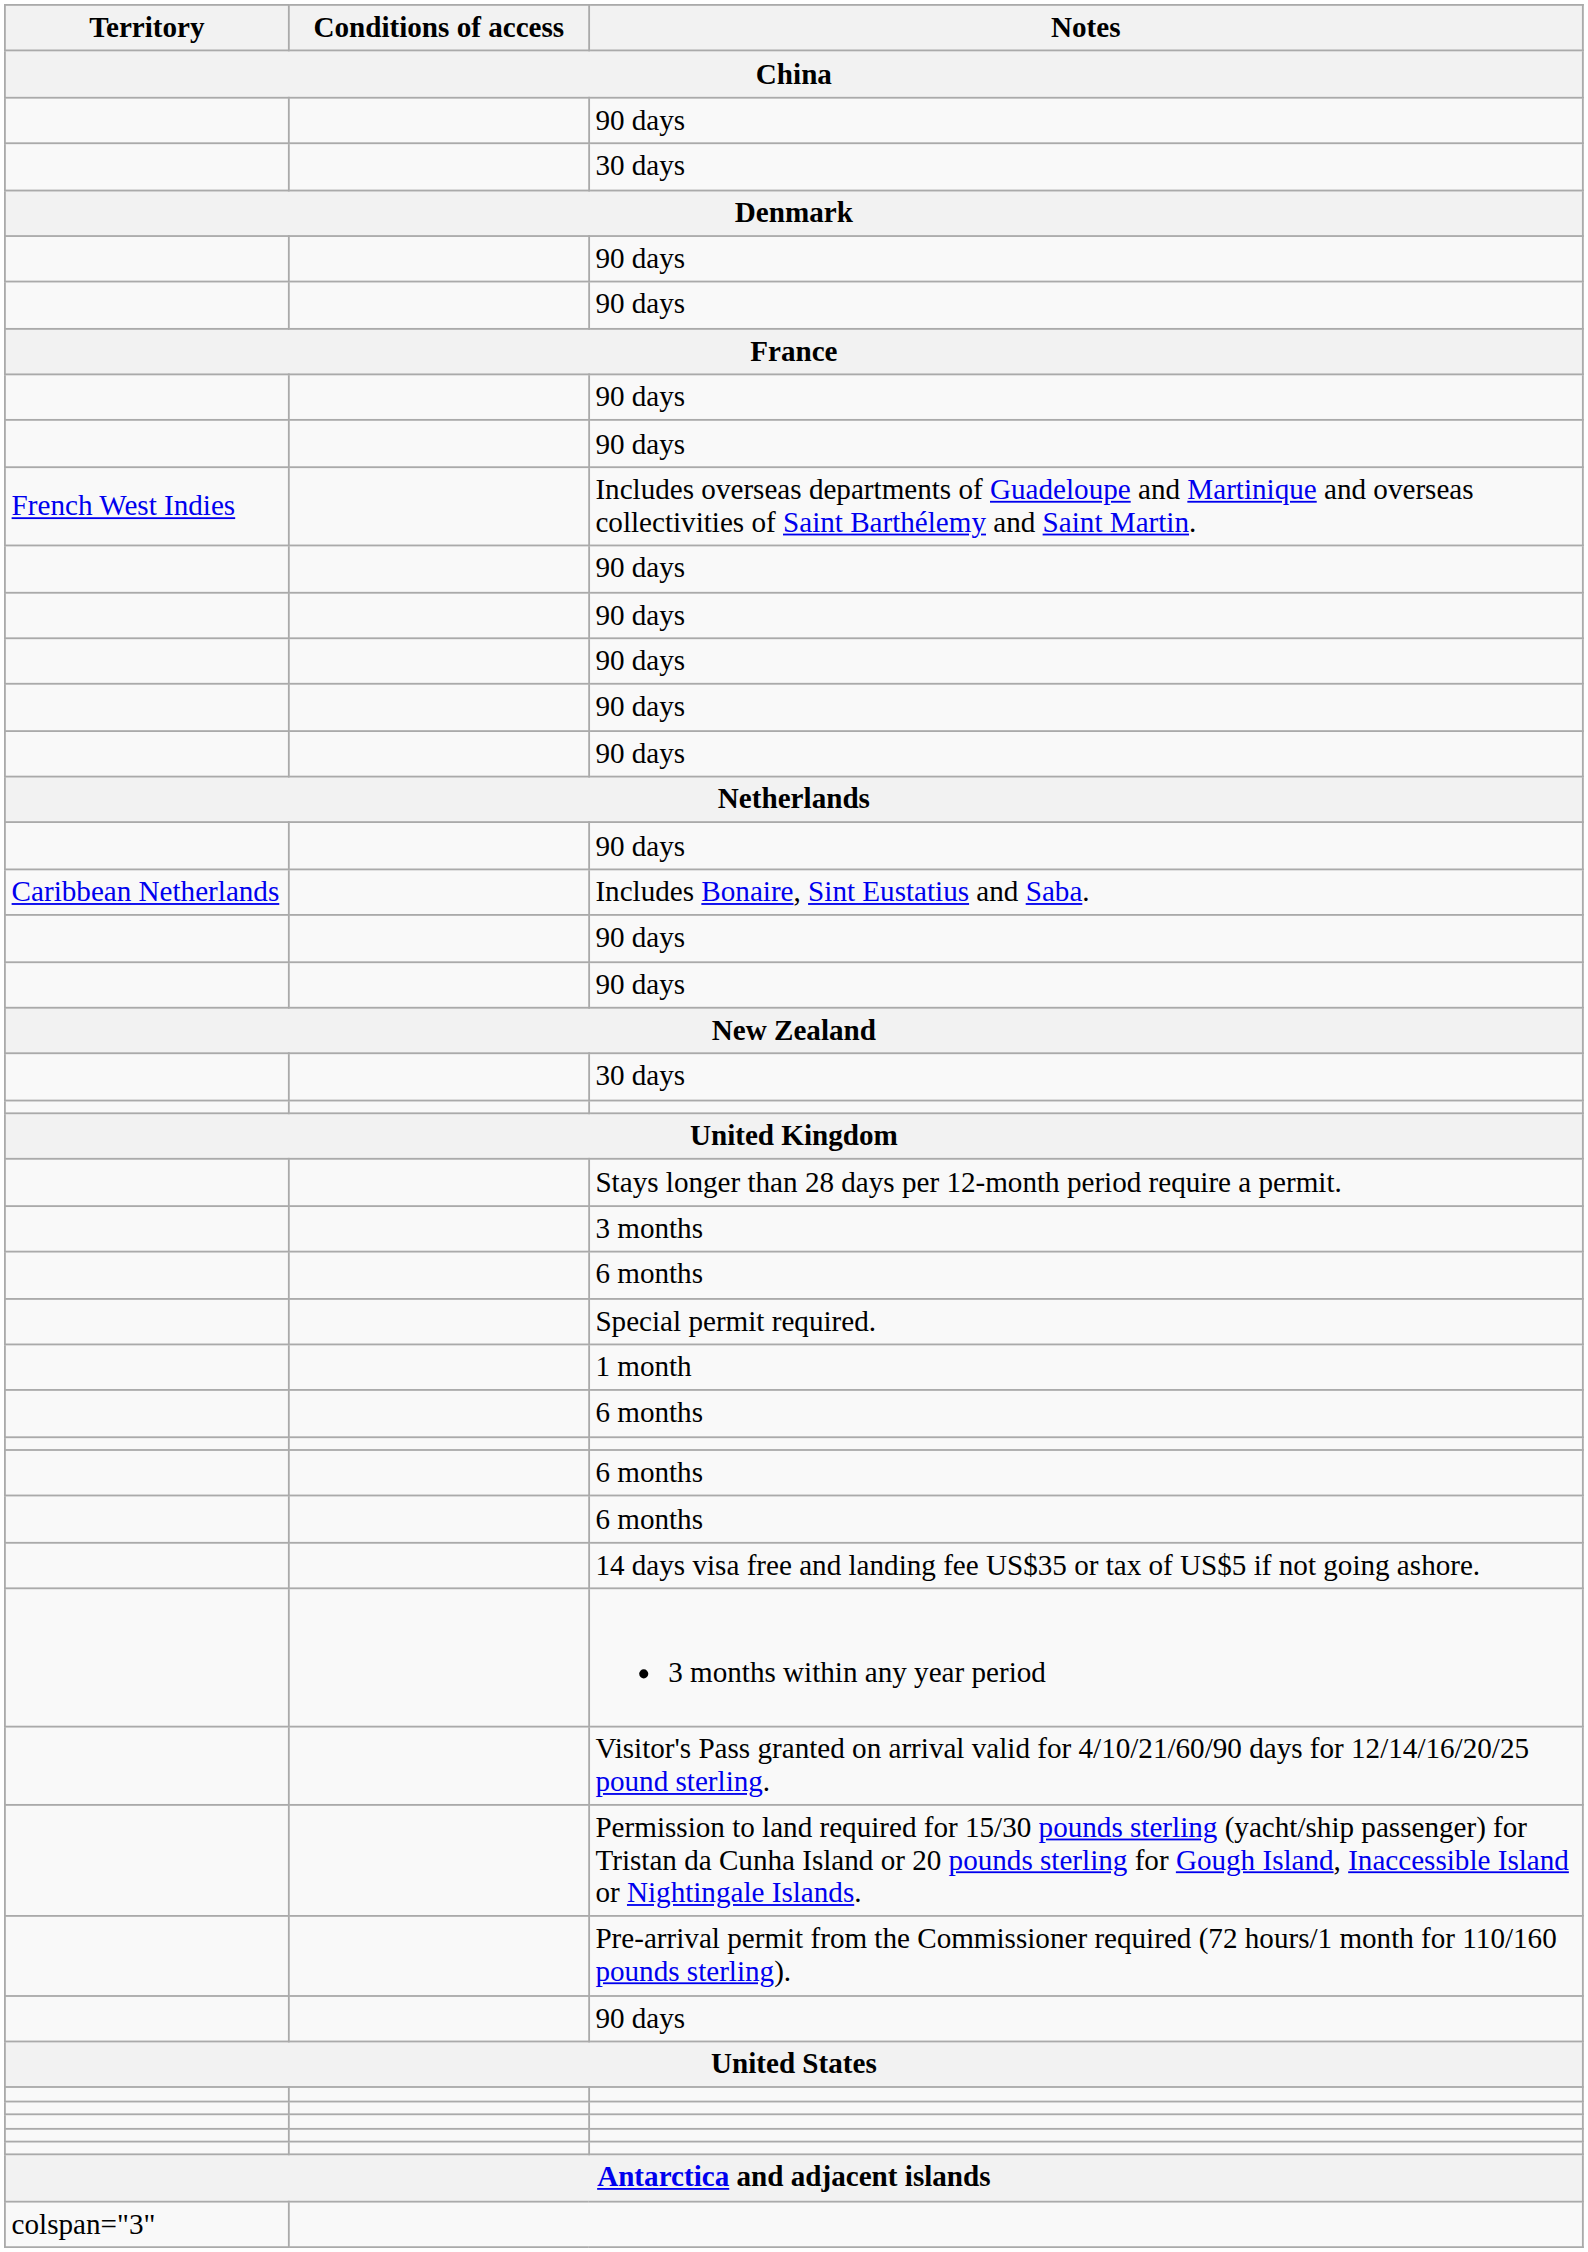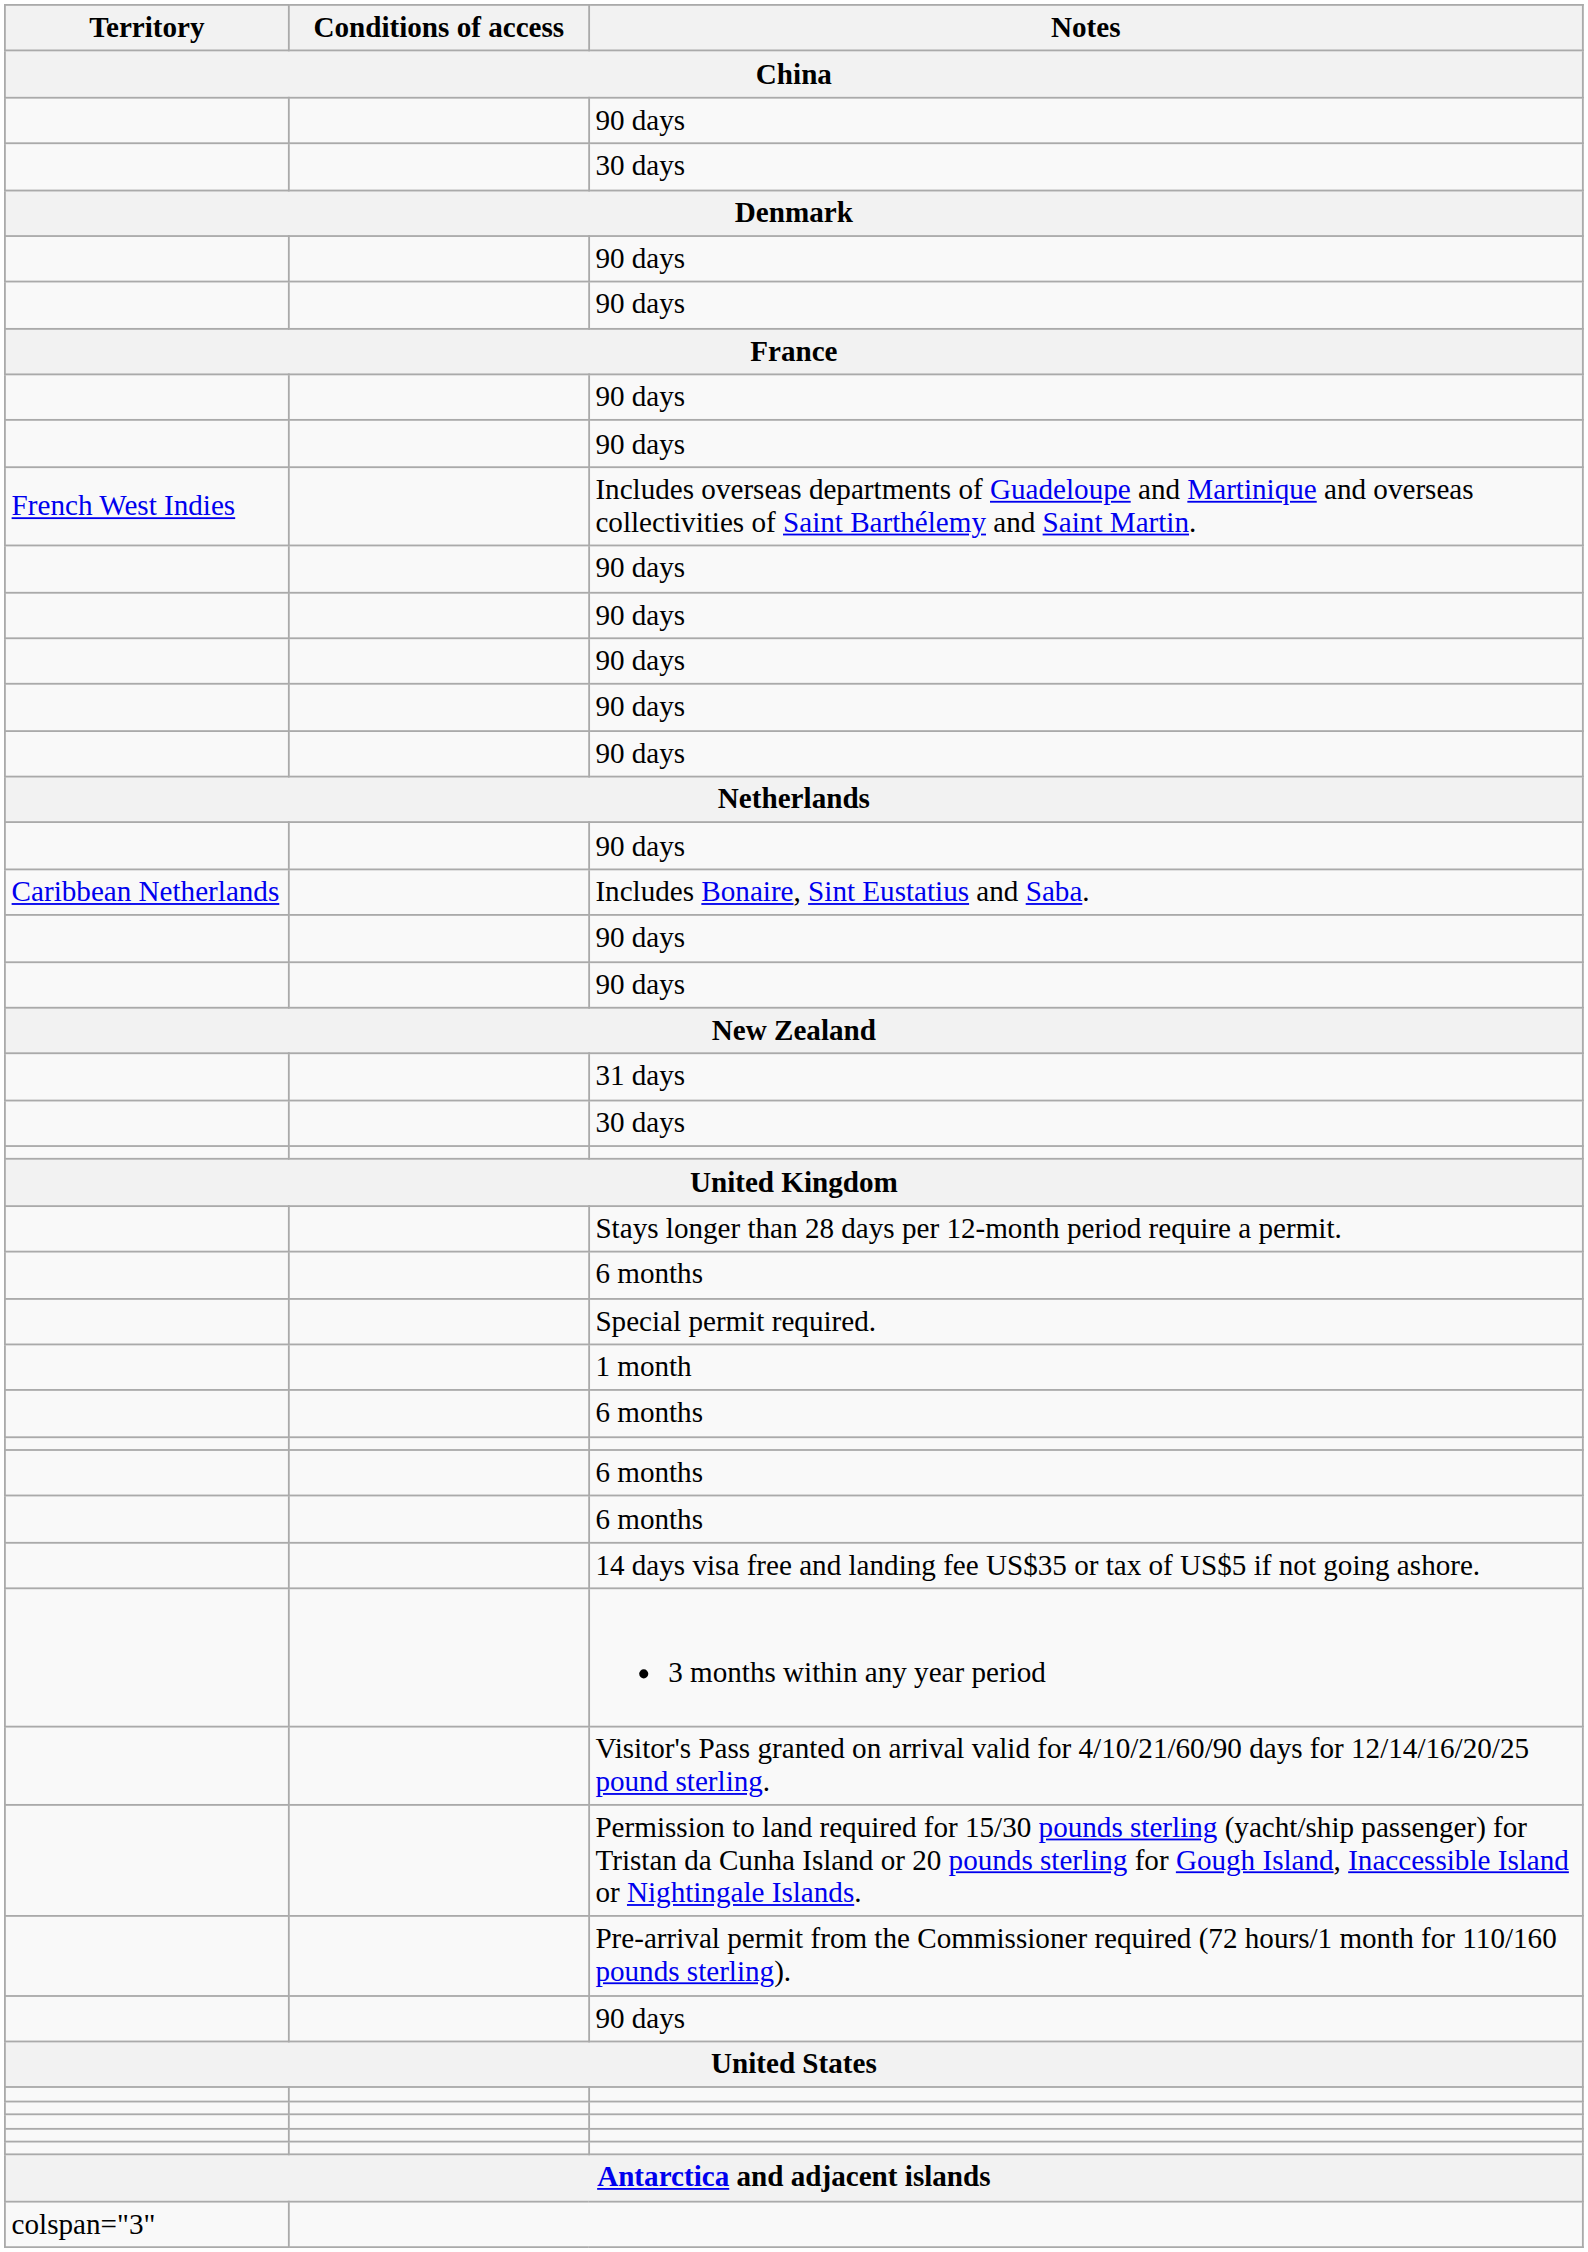 <table class="wikitable" style="text-align: left; table-layout: fixed;">
 <tr>
 <th style="width:18%;">Territory</th>
 <th style="width:19%;">Conditions of access</th>
 <th>Notes</th>
 </tr>
 <tr>
 <th colspan="3">China</th>
 </tr>
 <tr>
 <td></td>
 <td></td>
 <td>90 days</td>
 </tr>
 <tr>
 <td></td>
 <td></td>
 <td>30 days</td>
 </tr>
 <tr>
 <th colspan="3">Denmark</th>
 </tr>
 <tr>
 <td></td>
 <td></td>
 <td>90 days</td>
 </tr>
 <tr>
 <td></td>
 <td></td>
 <td>90 days</td>
 </tr>
 <tr>
 <th colspan="3">France</th>
 </tr>
 <tr>
 <td></td>
 <td></td>
 <td>90 days</td>
 </tr>
 <tr>
 <td></td>
 <td></td>
 <td>90 days</td>
 </tr>
 <tr>
 <td> <a href='#'>French West Indies</a></td>
 <td></td>
 <td>Includes overseas departments of <a href='#'>Guadeloupe</a> and <a href='#'>Martinique</a> and overseas collectivities of <a href='#'>Saint Barthélemy</a> and <a href='#'>Saint Martin</a>.</td>
 </tr>
 <tr>
 <td></td>
 <td></td>
 <td>90 days</td>
 </tr>
 <tr>
 <td></td>
 <td></td>
 <td>90 days</td>
 </tr>
 <tr>
 <td></td>
 <td></td>
 <td>90 days</td>
 </tr>
 <tr>
 <td></td>
 <td></td>
 <td>90 days</td>
 </tr>
 <tr>
 <td></td>
 <td></td>
 <td>90 days</td>
 </tr>
 <tr>
 <th colspan="3">Netherlands</th>
 </tr>
 <tr>
 <td></td>
 <td></td>
 <td>90 days</td>
 </tr>
 <tr>
 <td> <a href='#'>Caribbean Netherlands</a></td>
 <td></td>
 <td>Includes <a href='#'>Bonaire</a>, <a href='#'>Sint Eustatius</a> and <a href='#'>Saba</a>.</td>
 </tr>
 <tr>
 <td></td>
 <td></td>
 <td>90 days</td>
 </tr>
 <tr>
 <td></td>
 <td></td>
 <td>90 days</td>
 </tr>
 <tr>
 <th colspan="3">New Zealand</th>
 </tr>
 <tr>
 <td></td>
 <td></td>
+<td>31 days</td>
+</tr>
+<tr>
+<td></td>
+<td></td>
 <td>30 days</td>
 </tr>
 <tr>
 <td></td>
 <td></td>
 <td></td>
 </tr>
 <tr>
 <th colspan="3">United Kingdom</th>
 </tr>
 <tr>
 <td></td>
 <td></td>
 <td>Stays longer than 28 days per 12-month period require a permit.</td>
-</tr>
-<tr>
-<td></td>
-<td></td>
-<td>3 months</td>
 </tr>
 <tr>
 <td></td>
 <td></td>
 <td>6 months</td>
 </tr>
 <tr>
 <td></td>
 <td></td>
 <td>Special permit required.</td>
 </tr>
 <tr>
 <td></td>
 <td></td>
 <td>1 month</td>
 </tr>
 <tr>
 <td></td>
 <td></td>
 <td>6 months</td>
 </tr>
 <tr>
 <td></td>
 <td></td>
 <td></td>
 </tr>
 <tr>
 <td></td>
 <td></td>
 <td>6 months</td>
 </tr>
 <tr>
 <td></td>
 <td></td>
 <td>6 months</td>
 </tr>
 <tr>
 <td></td>
 <td></td>
 <td>14 days visa free and landing fee US$35 or tax of US$5 if not going ashore.</td>
 </tr>
 <tr>
 <td></td>
 <td></td>
 <td><br><ul><li>3 months within any year period</li></ul></td>
 </tr>
 <tr>
 <td></td>
 <td></td>
 <td>Visitor's Pass granted on arrival valid for 4/10/21/60/90 days for 12/14/16/20/25 <a href='#'>pound sterling</a>.</td>
 </tr>
 <tr>
 <td></td>
 <td></td>
 <td>Permission to land required for 15/30 <a href='#'>pounds sterling</a> (yacht/ship passenger) for Tristan da Cunha Island or 20 <a href='#'>pounds sterling</a> for <a href='#'>Gough Island</a>, <a href='#'>Inaccessible Island</a> or <a href='#'>Nightingale Islands</a>.</td>
 </tr>
 <tr>
 <td></td>
 <td></td>
 <td>Pre-arrival permit from the Commissioner required (72 hours/1 month for 110/160 <a href='#'>pounds sterling</a>).</td>
 </tr>
 <tr>
 <td></td>
 <td></td>
 <td>90 days</td>
 </tr>
 <tr>
 <th colspan="3">United States</th>
 </tr>
 <tr>
 <td></td>
 <td></td>
 <td></td>
 </tr>
 <tr>
 <td></td>
 <td></td>
 <td></td>
 </tr>
 <tr>
 <td></td>
 <td></td>
 <td></td>
 </tr>
 <tr>
 <td></td>
 <td></td>
 <td></td>
 </tr>
 <tr>
 <td></td>
 <td></td>
 <td></td>
 </tr>
 <tr>
 <th colspan="3"><a href='#'>Antarctica</a> and adjacent islands</th>
 </tr>
 <tr>
 <td>colspan="3" </td>
 </tr>
 </table>
